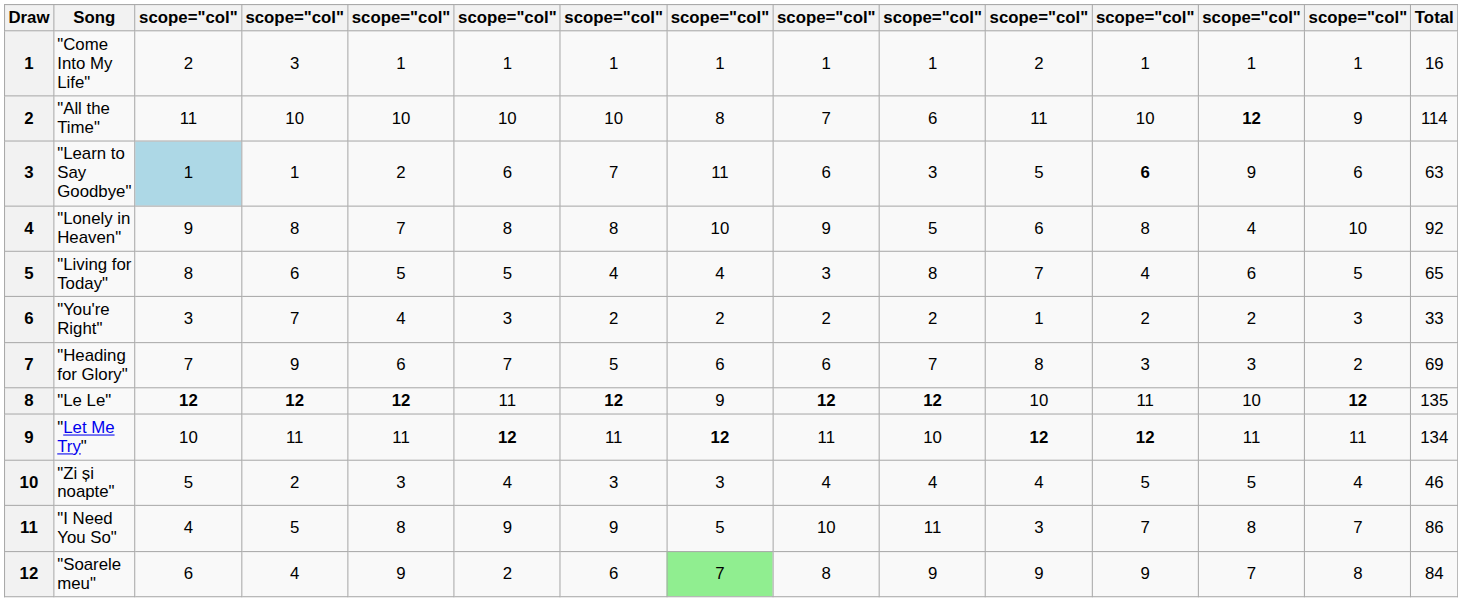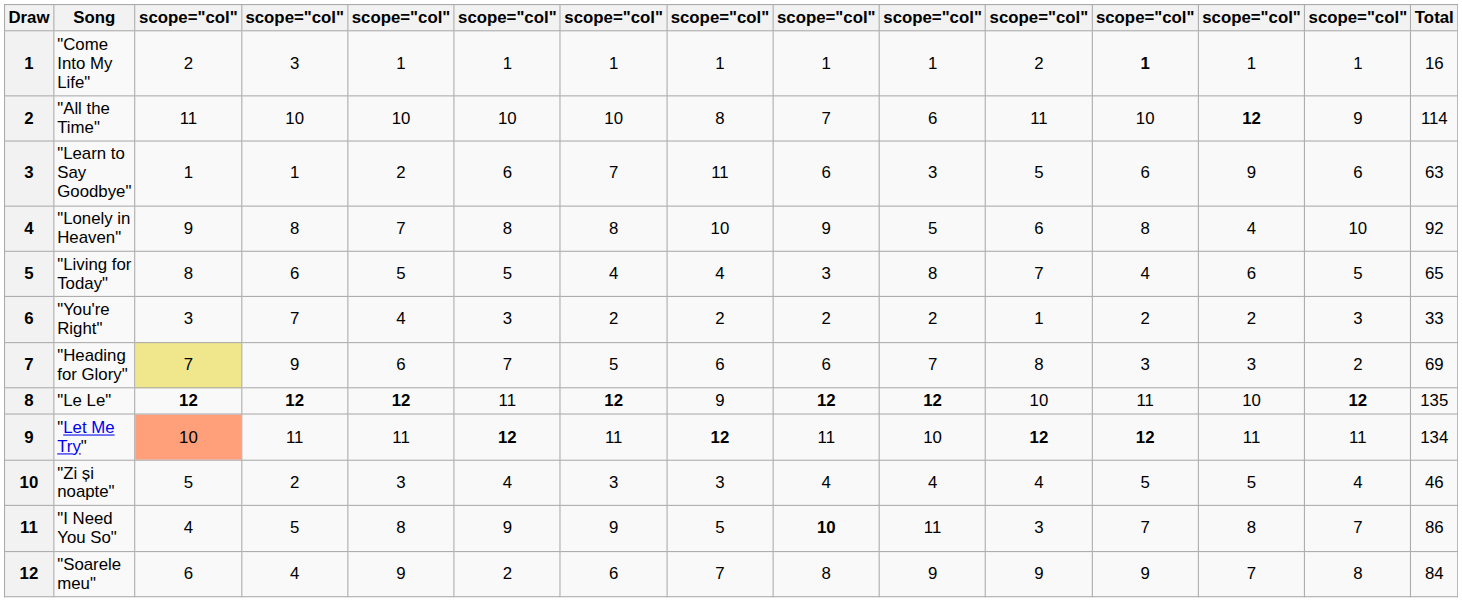 <table class="wikitable collapsible plainrowheaders" style="margin: 1em auto 1em auto; text-align:center;">
 <tr>
 </tr>
 <tr>
 <th>Draw</th>
 <th>Song</th>
 <th>scope="col" </th>
 <th>scope="col" </th>
 <th>scope="col" </th>
 <th>scope="col" </th>
 <th>scope="col" </th>
 <th>scope="col" </th>
 <th>scope="col" </th>
 <th>scope="col" </th>
 <th>scope="col" </th>
 <th>scope="col" </th>
 <th>scope="col" </th>
 <th>scope="col" </th>
 <th>Total</th>
 </tr>
 <tr>
 <th scope="row" style="text-align:center">1</th>
 <td align="left">"Come Into My Life"</td>
 <td>2</td>
 <td>3</td>
 <td>1</td>
 <td>1</td>
 <td>1</td>
 <td>1</td>
 <td>1</td>
 <td>1</td>
 <td>2</td>
-<td>1</td>
+<td><strong>1</strong></td>
 <td>1</td>
 <td>1</td>
 <td>16</td>
 </tr>
 <tr>
 <th scope="row" style="text-align:center">2</th>
 <td align="left">"All the Time"</td>
 <td>11</td>
 <td>10</td>
 <td>10</td>
 <td>10</td>
 <td>10</td>
 <td>8</td>
 <td>7</td>
 <td>6</td>
 <td>11</td>
 <td>10</td>
 <td><strong>12</strong></td>
 <td>9</td>
 <td>114</td>
 </tr>
 <tr>
 <th scope="row" style="text-align:center">3</th>
 <td align="left">"Learn to Say Goodbye"</td>
-<td style="background: lightblue;">1</td>
+<td>1</td>
 <td>1</td>
 <td>2</td>
 <td>6</td>
 <td>7</td>
 <td>11</td>
 <td>6</td>
 <td>3</td>
 <td>5</td>
-<td><strong>6</strong></td>
+<td>6</td>
 <td>9</td>
 <td>6</td>
 <td>63</td>
 </tr>
 <tr>
 <th scope="row" style="text-align:center">4</th>
 <td align="left">"Lonely in Heaven"</td>
 <td>9</td>
 <td>8</td>
 <td>7</td>
 <td>8</td>
 <td>8</td>
 <td>10</td>
 <td>9</td>
 <td>5</td>
 <td>6</td>
 <td>8</td>
 <td>4</td>
 <td>10</td>
 <td>92</td>
 </tr>
 <tr>
 <th scope="row" style="text-align:center">5</th>
 <td align="left">"Living for Today"</td>
 <td>8</td>
 <td>6</td>
 <td>5</td>
 <td>5</td>
 <td>4</td>
 <td>4</td>
 <td>3</td>
 <td>8</td>
 <td>7</td>
 <td>4</td>
 <td>6</td>
 <td>5</td>
 <td>65</td>
 </tr>
 <tr>
 <th scope="row" style="text-align:center">6</th>
 <td align="left">"You're Right"</td>
 <td>3</td>
 <td>7</td>
 <td>4</td>
 <td>3</td>
 <td>2</td>
 <td>2</td>
 <td>2</td>
 <td>2</td>
 <td>1</td>
 <td>2</td>
 <td>2</td>
 <td>3</td>
 <td>33</td>
 </tr>
 <tr>
 <th scope="row" style="text-align:center">7</th>
 <td align="left">"Heading for Glory"</td>
-<td>7</td>
+<td style="background: khaki;">7</td>
 <td>9</td>
 <td>6</td>
 <td>7</td>
 <td>5</td>
 <td>6</td>
 <td>6</td>
 <td>7</td>
 <td>8</td>
 <td>3</td>
 <td>3</td>
 <td>2</td>
 <td>69</td>
 </tr>
 <tr>
 <th scope="row" style="text-align:center">8</th>
 <td align="left">"Le Le"</td>
 <td><strong>12</strong></td>
 <td><strong>12</strong></td>
 <td><strong>12</strong></td>
 <td>11</td>
 <td><strong>12</strong></td>
 <td>9</td>
 <td><strong>12</strong></td>
 <td><strong>12</strong></td>
 <td>10</td>
 <td>11</td>
 <td>10</td>
 <td><strong>12</strong></td>
 <td>135</td>
 </tr>
 <tr>
 <th scope="row" style="text-align:center">9</th>
 <td align="left">"<a href='#'>Let Me Try</a>"</td>
-<td>10</td>
+<td style="background: lightsalmon;">10</td>
 <td>11</td>
 <td>11</td>
 <td><strong>12</strong></td>
 <td>11</td>
 <td><strong>12</strong></td>
 <td>11</td>
 <td>10</td>
 <td><strong>12</strong></td>
 <td><strong>12</strong></td>
 <td>11</td>
 <td>11</td>
 <td>134</td>
 </tr>
 <tr>
 <th scope="row" style="text-align:center">10</th>
 <td align="left">"Zi și noapte"</td>
 <td>5</td>
 <td>2</td>
 <td>3</td>
 <td>4</td>
 <td>3</td>
 <td>3</td>
 <td>4</td>
 <td>4</td>
 <td>4</td>
 <td>5</td>
 <td>5</td>
 <td>4</td>
 <td>46</td>
 </tr>
 <tr>
 <th scope="row" style="text-align:center">11</th>
 <td align="left">"I Need You So"</td>
 <td>4</td>
 <td>5</td>
 <td>8</td>
 <td>9</td>
 <td>9</td>
 <td>5</td>
-<td>10</td>
+<td><strong>10</strong></td>
 <td>11</td>
 <td>3</td>
 <td>7</td>
 <td>8</td>
 <td>7</td>
 <td>86</td>
 </tr>
 <tr>
 <th scope="row" style="text-align:center">12</th>
 <td align="left">"Soarele meu"</td>
 <td>6</td>
 <td>4</td>
 <td>9</td>
 <td>2</td>
 <td>6</td>
-<td style="background: lightgreen;">7</td>
+<td>7</td>
 <td>8</td>
 <td>9</td>
 <td>9</td>
 <td>9</td>
 <td>7</td>
 <td>8</td>
 <td>84</td>
 </tr>
 </table>
